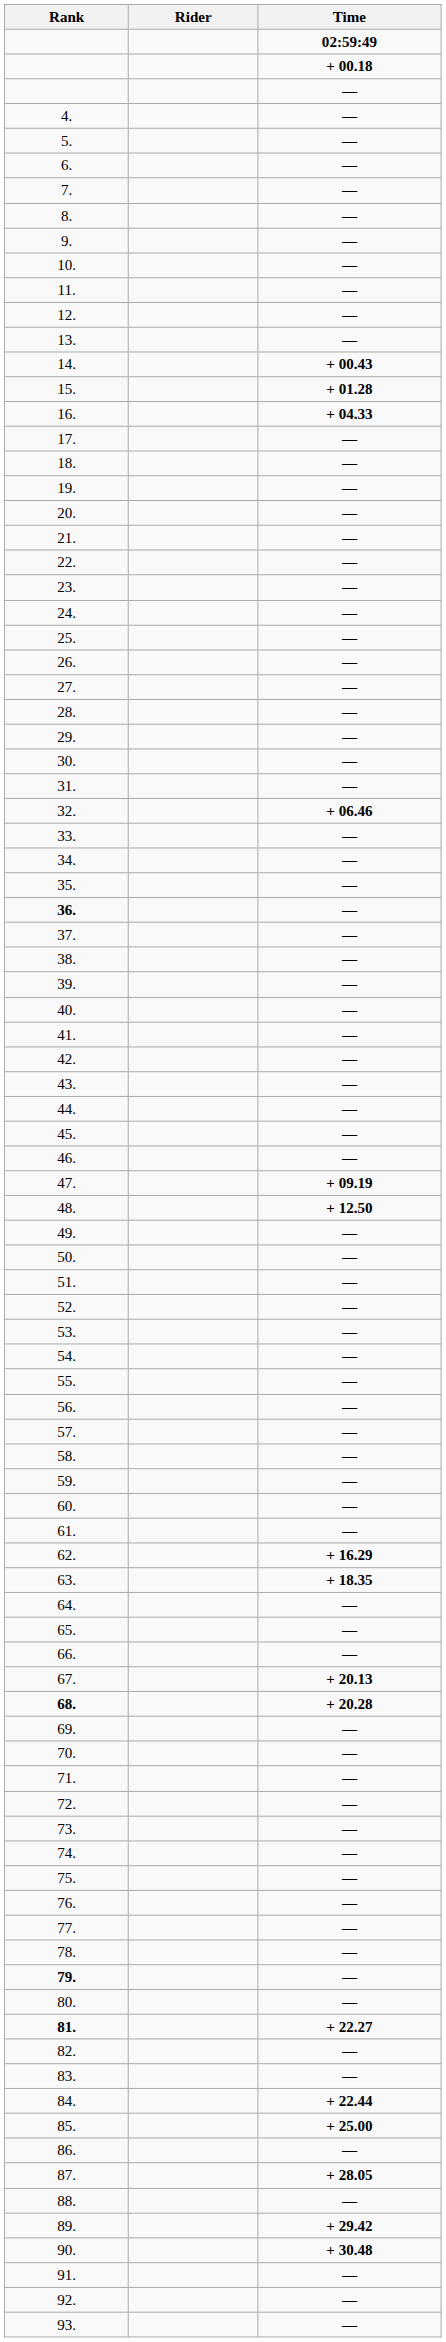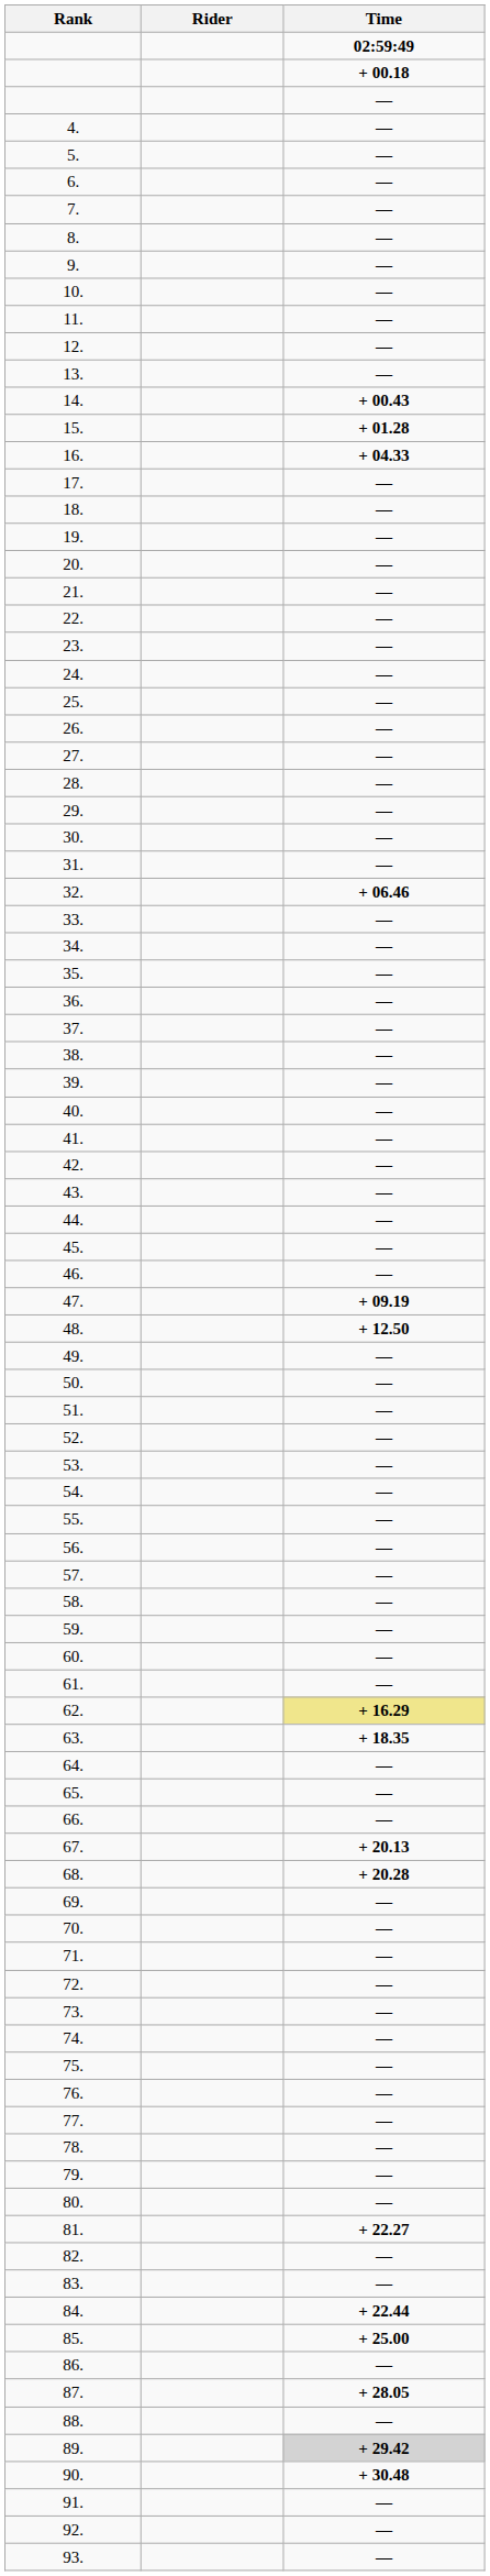 <table class=wikitable style="font-size:95%" width="50%">
 <tr>
 <th>Rank</th>
 <th>Rider</th>
 <th>Time</th>
 </tr>
 <tr>
 <td align="center"></td>
 <td></td>
 <td align="center"><strong>02:59:49</strong></td>
 </tr>
 <tr>
 <td align="center"></td>
 <td></td>
 <td align="center"><strong>+ 00.18</strong></td>
 </tr>
 <tr>
 <td align="center"></td>
 <td></td>
 <td align="center"><strong>—</strong></td>
 </tr>
 <tr>
 <td align="center">4.</td>
 <td></td>
 <td align="center"><strong>—</strong></td>
 </tr>
 <tr>
 <td align="center">5.</td>
 <td></td>
 <td align="center"><strong>—</strong></td>
 </tr>
 <tr>
 <td align="center">6.</td>
 <td></td>
 <td align="center"><strong>—</strong></td>
 </tr>
 <tr>
 <td align="center">7.</td>
 <td></td>
 <td align="center"><strong>—</strong></td>
 </tr>
 <tr>
 <td align="center">8.</td>
 <td></td>
 <td align="center"><strong>—</strong></td>
 </tr>
 <tr>
 <td align="center">9.</td>
 <td></td>
 <td align="center"><strong>—</strong></td>
 </tr>
 <tr>
 <td align="center">10.</td>
 <td></td>
 <td align="center"><strong>—</strong></td>
 </tr>
 <tr>
 <td align="center">11.</td>
 <td></td>
 <td align="center"><strong>—</strong></td>
 </tr>
 <tr>
 <td align="center">12.</td>
 <td></td>
 <td align="center"><strong>—</strong></td>
 </tr>
 <tr>
 <td align="center">13.</td>
 <td></td>
 <td align="center"><strong>—</strong></td>
 </tr>
 <tr>
 <td align="center">14.</td>
 <td></td>
 <td align="center"><strong>+ 00.43</strong></td>
 </tr>
 <tr>
 <td align="center">15.</td>
 <td></td>
 <td align="center"><strong>+ 01.28</strong></td>
 </tr>
 <tr>
 <td align="center">16.</td>
 <td></td>
 <td align="center"><strong>+ 04.33</strong></td>
 </tr>
 <tr>
 <td align="center">17.</td>
 <td></td>
 <td align="center"><strong>—</strong></td>
 </tr>
 <tr>
 <td align="center">18.</td>
 <td></td>
 <td align="center"><strong>—</strong></td>
 </tr>
 <tr>
 <td align="center">19.</td>
 <td></td>
 <td align="center"><strong>—</strong></td>
 </tr>
 <tr>
 <td align="center">20.</td>
 <td></td>
 <td align="center"><strong>—</strong></td>
 </tr>
 <tr>
 <td align="center">21.</td>
 <td></td>
 <td align="center"><strong>—</strong></td>
 </tr>
 <tr>
 <td align="center">22.</td>
 <td></td>
 <td align="center"><strong>—</strong></td>
 </tr>
 <tr>
 <td align="center">23.</td>
 <td></td>
 <td align="center"><strong>—</strong></td>
 </tr>
 <tr>
 <td align="center">24.</td>
 <td></td>
 <td align="center"><strong>—</strong></td>
 </tr>
 <tr>
 <td align="center">25.</td>
 <td></td>
 <td align="center"><strong>—</strong></td>
 </tr>
 <tr>
 <td align="center">26.</td>
 <td></td>
 <td align="center"><strong>—</strong></td>
 </tr>
 <tr>
 <td align="center">27.</td>
 <td></td>
 <td align="center"><strong>—</strong></td>
 </tr>
 <tr>
 <td align="center">28.</td>
 <td></td>
 <td align="center"><strong>—</strong></td>
 </tr>
 <tr>
 <td align="center">29.</td>
 <td></td>
 <td align="center"><strong>—</strong></td>
 </tr>
 <tr>
 <td align="center">30.</td>
 <td></td>
 <td align="center"><strong>—</strong></td>
 </tr>
 <tr>
 <td align="center">31.</td>
 <td></td>
 <td align="center"><strong>—</strong></td>
 </tr>
 <tr>
 <td align="center">32.</td>
 <td></td>
 <td align="center"><strong>+ 06.46</strong></td>
 </tr>
 <tr>
 <td align="center">33.</td>
 <td></td>
 <td align="center"><strong>—</strong></td>
 </tr>
 <tr>
 <td align="center">34.</td>
 <td></td>
 <td align="center"><strong>—</strong></td>
 </tr>
 <tr>
 <td align="center">35.</td>
 <td></td>
 <td align="center"><strong>—</strong></td>
 </tr>
 <tr>
-<td align="center"><strong>36.</strong></td>
+<td align="center">36.</td>
 <td></td>
 <td align="center"><strong>—</strong></td>
 </tr>
 <tr>
 <td align="center">37.</td>
 <td></td>
 <td align="center"><strong>—</strong></td>
 </tr>
 <tr>
 <td align="center">38.</td>
 <td></td>
 <td align="center"><strong>—</strong></td>
 </tr>
 <tr>
 <td align="center">39.</td>
 <td></td>
 <td align="center"><strong>—</strong></td>
 </tr>
 <tr>
 <td align="center">40.</td>
 <td></td>
 <td align="center"><strong>—</strong></td>
 </tr>
 <tr>
 <td align="center">41.</td>
 <td></td>
 <td align="center"><strong>—</strong></td>
 </tr>
 <tr>
 <td align="center">42.</td>
 <td></td>
 <td align="center"><strong>—</strong></td>
 </tr>
 <tr>
 <td align="center">43.</td>
 <td></td>
 <td align="center"><strong>—</strong></td>
 </tr>
 <tr>
 <td align="center">44.</td>
 <td></td>
 <td align="center"><strong>—</strong></td>
 </tr>
 <tr>
 <td align="center">45.</td>
 <td></td>
 <td align="center"><strong>—</strong></td>
 </tr>
 <tr>
 <td align="center">46.</td>
 <td></td>
 <td align="center"><strong>—</strong></td>
 </tr>
 <tr>
 <td align="center">47.</td>
 <td></td>
 <td align="center"><strong>+ 09.19</strong></td>
 </tr>
 <tr>
 <td align="center">48.</td>
 <td></td>
 <td align="center"><strong>+ 12.50</strong></td>
 </tr>
 <tr>
 <td align="center">49.</td>
 <td></td>
 <td align="center"><strong>—		    </strong></td>
 </tr>
 <tr>
 <td align="center">50.</td>
 <td></td>
 <td align="center"><strong>—</strong></td>
 </tr>
 <tr>
 <td align="center">51.</td>
 <td></td>
 <td align="center"><strong>—</strong></td>
 </tr>
 <tr>
 <td align="center">52.</td>
 <td></td>
 <td align="center"><strong>—</strong></td>
 </tr>
 <tr>
 <td align="center">53.</td>
 <td></td>
 <td align="center"><strong>—</strong></td>
 </tr>
 <tr>
 <td align="center">54.</td>
 <td></td>
 <td align="center"><strong>—</strong></td>
 </tr>
 <tr>
 <td align="center">55.</td>
 <td></td>
 <td align="center"><strong>—</strong></td>
 </tr>
 <tr>
 <td align="center">56.</td>
 <td></td>
 <td align="center"><strong>—</strong></td>
 </tr>
 <tr>
 <td align="center">57.</td>
 <td></td>
 <td align="center"><strong>—</strong></td>
 </tr>
 <tr>
 <td align="center">58.</td>
 <td></td>
 <td align="center"><strong>—</strong></td>
 </tr>
 <tr>
 <td align="center">59.</td>
 <td></td>
 <td align="center"><strong>—</strong></td>
 </tr>
 <tr>
 <td align="center">60.</td>
 <td></td>
 <td align="center"><strong>—</strong></td>
 </tr>
 <tr>
 <td align="center">61.</td>
 <td></td>
 <td align="center"><strong>—</strong></td>
 </tr>
 <tr>
 <td align="center">62.</td>
 <td></td>
-<td align="center"><strong>+ 16.29</strong></td>
+<td align="center" style="background: khaki;"><strong>+ 16.29</strong></td>
 </tr>
 <tr>
 <td align="center">63.</td>
 <td></td>
 <td align="center"><strong>+ 18.35</strong></td>
 </tr>
 <tr>
 <td align="center">64.</td>
 <td></td>
 <td align="center"><strong>—</strong></td>
 </tr>
 <tr>
 <td align="center">65.</td>
 <td></td>
 <td align="center"><strong>—</strong></td>
 </tr>
 <tr>
 <td align="center">66.</td>
 <td></td>
 <td align="center"><strong>—</strong></td>
 </tr>
 <tr>
 <td align="center">67.</td>
 <td></td>
 <td align="center"><strong>+ 20.13</strong></td>
 </tr>
 <tr>
-<td align="center"><strong>68.</strong></td>
+<td align="center">68.</td>
 <td></td>
 <td align="center"><strong>+ 20.28</strong></td>
 </tr>
 <tr>
 <td align="center">69.</td>
 <td></td>
 <td align="center"><strong>—</strong></td>
 </tr>
 <tr>
 <td align="center">70.</td>
 <td></td>
 <td align="center"><strong>—</strong></td>
 </tr>
 <tr>
 <td align="center">71.</td>
 <td></td>
 <td align="center"><strong>—</strong></td>
 </tr>
 <tr>
 <td align="center">72.</td>
 <td></td>
 <td align="center"><strong>—</strong></td>
 </tr>
 <tr>
 <td align="center">73.</td>
 <td></td>
 <td align="center"><strong>—</strong></td>
 </tr>
 <tr>
 <td align="center">74.</td>
 <td></td>
 <td align="center"><strong>—</strong></td>
 </tr>
 <tr>
 <td align="center">75.</td>
 <td></td>
 <td align="center"><strong>—</strong></td>
 </tr>
 <tr>
 <td align="center">76.</td>
 <td></td>
 <td align="center"><strong>—</strong></td>
 </tr>
 <tr>
 <td align="center">77.</td>
 <td></td>
 <td align="center"><strong>—</strong></td>
 </tr>
 <tr>
 <td align="center">78.</td>
 <td></td>
 <td align="center"><strong>—</strong></td>
 </tr>
 <tr>
-<td align="center"><strong>79.</strong></td>
+<td align="center">79.</td>
 <td></td>
 <td align="center"><strong>—</strong></td>
 </tr>
 <tr>
 <td align="center">80.</td>
 <td></td>
 <td align="center"><strong>—</strong></td>
 </tr>
 <tr>
-<td align="center"><strong>81.</strong></td>
+<td align="center">81.</td>
 <td></td>
 <td align="center"><strong>+ 22.27</strong></td>
 </tr>
 <tr>
 <td align="center">82.</td>
 <td></td>
 <td align="center"><strong>—</strong></td>
 </tr>
 <tr>
 <td align="center">83.</td>
 <td></td>
 <td align="center"><strong>—</strong></td>
 </tr>
 <tr>
 <td align="center">84.</td>
 <td></td>
 <td align="center"><strong>+ 22.44</strong></td>
 </tr>
 <tr>
 <td align="center">85.</td>
 <td></td>
 <td align="center"><strong>+ 25.00</strong></td>
 </tr>
 <tr>
 <td align="center">86.</td>
 <td></td>
 <td align="center"><strong>—</strong></td>
 </tr>
 <tr>
 <td align="center">87.</td>
 <td></td>
 <td align="center"><strong>+ 28.05</strong></td>
 </tr>
 <tr>
 <td align="center">88.</td>
 <td></td>
 <td align="center"><strong>—</strong></td>
 </tr>
 <tr>
 <td align="center">89.</td>
 <td></td>
-<td align="center"><strong>+ 29.42</strong></td>
+<td align="center" style="background: lightgrey;"><strong>+ 29.42</strong></td>
 </tr>
 <tr>
 <td align="center">90.</td>
 <td></td>
 <td align="center"><strong>+ 30.48</strong></td>
 </tr>
 <tr>
 <td align="center">91.</td>
 <td></td>
 <td align="center"><strong>—</strong></td>
 </tr>
 <tr>
 <td align="center">92.</td>
 <td></td>
 <td align="center"><strong>—</strong></td>
 </tr>
 <tr>
 <td align="center">93.</td>
 <td></td>
 <td align="center"><strong>—</strong></td>
 </tr>
 </table>
